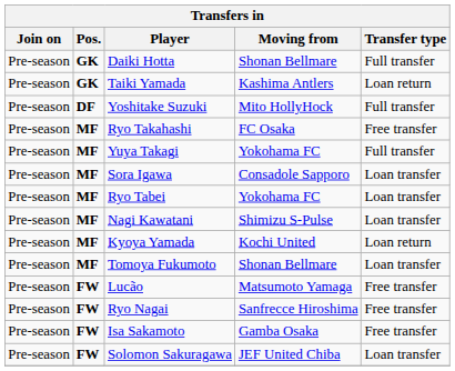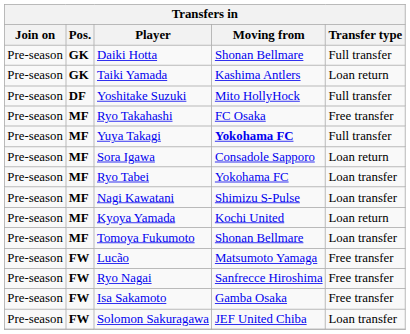 <table class="wikitable sortable" style=“text-align:left;>
 <tr>
 <th colspan="5">Transfers in</th>
 </tr>
 <tr>
 <th>Join on</th>
 <th>Pos.</th>
 <th>Player</th>
 <th>Moving from</th>
 <th>Transfer type</th>
 </tr>
 <tr>
 <td>Pre-season</td>
 <td><strong>GK</strong></td>
 <td> <a href='#'>Daiki Hotta</a></td>
 <td> <a href='#'>Shonan Bellmare</a></td>
 <td>Full transfer</td>
 </tr>
 <tr>
 <td>Pre-season</td>
 <td><strong>GK</strong></td>
 <td> <a href='#'>Taiki Yamada</a></td>
 <td> <a href='#'>Kashima Antlers</a></td>
 <td>Loan return</td>
 </tr>
 <tr>
 <td>Pre-season</td>
 <td><strong>DF</strong></td>
 <td> <a href='#'>Yoshitake Suzuki</a></td>
 <td> <a href='#'>Mito HollyHock</a></td>
 <td>Full transfer</td>
 </tr>
 <tr>
 <td>Pre-season</td>
 <td><strong>MF</strong></td>
 <td> <a href='#'>Ryo Takahashi</a></td>
 <td> <a href='#'>FC Osaka</a></td>
 <td>Free transfer</td>
 </tr>
 <tr>
 <td>Pre-season</td>
 <td><strong>MF</strong></td>
 <td> <a href='#'>Yuya Takagi</a></td>
-<td> <a href='#'>Yokohama FC</a></td>
+<td><strong> <a href='#'>Yokohama FC</a></strong></td>
 <td>Full transfer</td>
 </tr>
 <tr>
 <td>Pre-season</td>
 <td><strong>MF</strong></td>
 <td> <a href='#'>Sora Igawa</a></td>
 <td> <a href='#'>Consadole Sapporo</a></td>
-<td>Loan transfer</td>
+<td>Loan return</td>
 </tr>
 <tr>
 <td>Pre-season</td>
 <td><strong>MF</strong></td>
 <td> <a href='#'>Ryo Tabei</a></td>
 <td> <a href='#'>Yokohama FC</a></td>
 <td>Loan transfer</td>
 </tr>
 <tr>
 <td>Pre-season</td>
 <td><strong>MF</strong></td>
 <td> <a href='#'>Nagi Kawatani</a></td>
 <td> <a href='#'>Shimizu S-Pulse</a></td>
 <td>Loan transfer</td>
 </tr>
 <tr>
 <td>Pre-season</td>
 <td><strong>MF</strong></td>
 <td> <a href='#'>Kyoya Yamada</a></td>
 <td> <a href='#'>Kochi United</a></td>
 <td>Loan return</td>
 </tr>
 <tr>
 <td>Pre-season</td>
 <td><strong>MF</strong></td>
 <td> <a href='#'>Tomoya Fukumoto</a></td>
 <td> <a href='#'>Shonan Bellmare</a></td>
 <td>Loan transfer</td>
 </tr>
 <tr>
 <td>Pre-season</td>
 <td><strong>FW</strong></td>
 <td> <a href='#'>Lucão</a></td>
 <td> <a href='#'>Matsumoto Yamaga</a></td>
 <td>Free transfer</td>
 </tr>
 <tr>
 <td>Pre-season</td>
 <td><strong>FW</strong></td>
 <td> <a href='#'>Ryo Nagai</a></td>
 <td> <a href='#'>Sanfrecce Hiroshima</a></td>
 <td>Free transfer</td>
 </tr>
 <tr>
 <td>Pre-season</td>
 <td><strong>FW</strong></td>
 <td> <a href='#'>Isa Sakamoto</a></td>
 <td> <a href='#'>Gamba Osaka</a></td>
 <td>Free transfer</td>
 </tr>
 <tr>
 <td>Pre-season</td>
 <td><strong>FW</strong></td>
 <td> <a href='#'>Solomon Sakuragawa</a></td>
 <td> <a href='#'>JEF United Chiba</a></td>
 <td>Loan transfer</td>
 </tr>
 <tr>
 </tr>
 </table>
